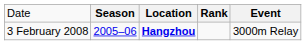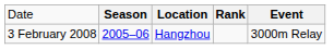 <table class="wikitable sortable" style="font-size:90%" style="text-align:center">
 <tr>
 <td>Date</td>
 <th>Season</th>
 <th>Location</th>
 <th>Rank</th>
 <th>Event</th>
 </tr>
 <tr>
 <td>3 February 2008</td>
 <td><a href='#'>2005–06</a></td>
-<td><strong><a href='#'>Hangzhou</a></strong></td>
+<td><a href='#'>Hangzhou</a></td>
 <td></td>
 <td>3000m Relay</td>
 </tr>
 </table>
